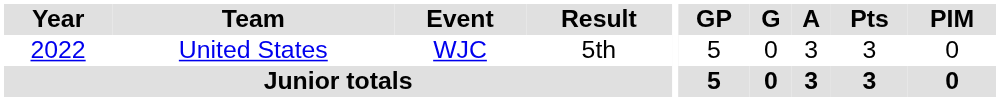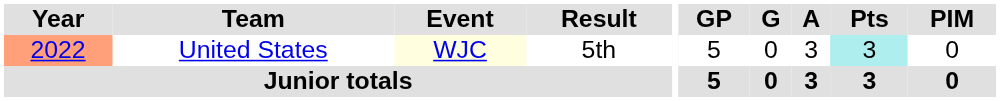 <table border="0" cellpadding="1" cellspacing="0" ID="Table3" style="text-align:center; width:40em;">
 <tr bgcolor="#e0e0e0">
 <th>Year</th>
 <th>Team</th>
 <th>Event</th>
 <th>Result</th>
 <th rowspan="99" bgcolor="#ffffff"></th>
 <th>GP</th>
 <th>G</th>
 <th>A</th>
 <th>Pts</th>
 <th>PIM</th>
 </tr>
 <tr>
-<td><a href='#'>2022</a></td>
+<td style="background: lightsalmon;"><a href='#'>2022</a></td>
 <td><a href='#'>United States</a></td>
-<td><a href='#'>WJC</a></td>
+<td style="background: lightyellow;"><a href='#'>WJC</a></td>
 <td>5th</td>
 <td>5</td>
 <td>0</td>
 <td>3</td>
-<td>3</td>
+<td style="background: paleturquoise;">3</td>
 <td>0</td>
 </tr>
 <tr bgcolor="#e0e0e0">
 <th colspan="4">Junior totals</th>
 <th>5</th>
 <th>0</th>
 <th>3</th>
 <th>3</th>
 <th>0</th>
 </tr>
 </table>
